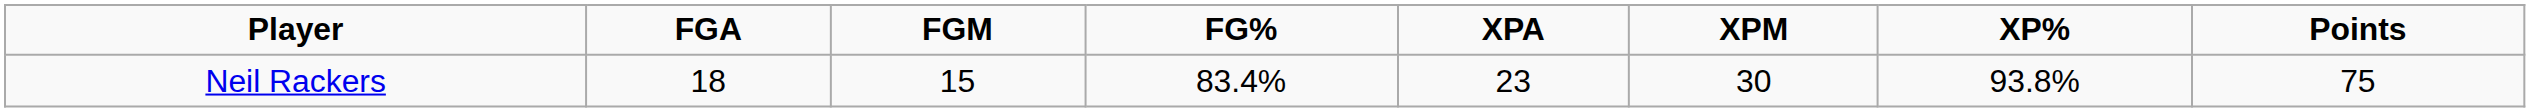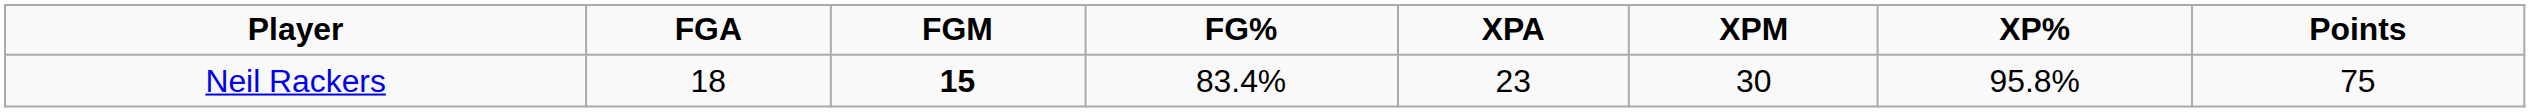 <table class="wikitable" width="80%">
 <tr align="center">
 <td><strong>Player</strong></td>
 <td><strong>FGA</strong></td>
 <td><strong>FGM</strong></td>
 <td><strong>FG%</strong></td>
 <td><strong>XPA</strong></td>
 <td><strong>XPM</strong></td>
 <td><strong>XP%</strong></td>
 <td><strong>Points</strong></td>
 </tr>
 <tr align="center" bgcolor="">
 <td><a href='#'>Neil Rackers</a></td>
 <td>18</td>
-<td>15</td>
+<td><strong>15</strong></td>
 <td>83.4%</td>
 <td>23</td>
 <td>30</td>
-<td>93.8%</td>
+<td>95.8%</td>
 <td>75</td>
 </tr>
 </table>
